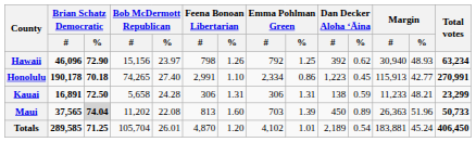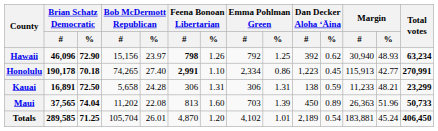 <table class="wikitable sortable" style="text-align:right;font-size:90%;line-height:1.3">
 <tr>
 <th rowspan="2">County</th>
 <th colspan="2"><a href='#'>Brian Schatz</a><br><a href='#'>Democratic</a></th>
 <th colspan="2"><a href='#'>Bob McDermott</a><br><a href='#'>Republican</a></th>
 <th colspan="2">Feena Bonoan<br><a href='#'>Libertarian</a></th>
 <th colspan="2">Emma Pohlman<br><a href='#'>Green</a></th>
 <th colspan="2">Dan Decker<br><a href='#'>Aloha ʻĀina</a></th>
 <th colspan="2">Margin</th>
 <th rowspan="2">Total<br>votes</th>
 </tr>
 <tr>
 <th data-sort-type="number">#</th>
 <th data-sort-type="number">%</th>
 <th data-sort-type="number">#</th>
 <th data-sort-type="number">%</th>
 <th data-sort-type="number">#</th>
 <th data-sort-type="number">%</th>
 <th data-sort-type="number">#</th>
 <th data-sort-type="number">%</th>
 <th data-sort-type="number">#</th>
 <th data-sort-type="number">%</th>
 <th data-sort-type="number">#</th>
 <th data-sort-type="number">%</th>
 </tr>
 <tr>
 <th><a href='#'>Hawaii</a></th>
 <td><strong>46,096</strong></td>
 <td><strong>72.90</strong></td>
 <td>15,156</td>
 <td>23.97</td>
-<td>798</td>
+<td><strong>798</strong></td>
 <td>1.26</td>
 <td>792</td>
 <td>1.25</td>
 <td>392</td>
 <td>0.62</td>
 <td>30,940</td>
 <td>48.93</td>
 <td><strong>63,234</strong></td>
 </tr>
 <tr>
 <th><a href='#'>Honolulu</a></th>
 <td><strong>190,178</strong></td>
 <td><strong>70.18</strong></td>
 <td>74,265</td>
 <td>27.40</td>
-<td>2,991</td>
+<td><strong>2,991</strong></td>
 <td>1.10</td>
 <td>2,334</td>
 <td>0.86</td>
 <td>1,223</td>
 <td>0.45</td>
 <td>115,913</td>
 <td>42.77</td>
 <td><strong>270,991</strong><br></td>
 </tr>
 <tr>
 <th><a href='#'>Kauai</a></th>
 <td><strong>16,891</strong></td>
 <td><strong>72.50</strong></td>
 <td>5,658</td>
 <td>24.28</td>
 <td>306</td>
 <td>1.31</td>
 <td>306</td>
 <td>1.31</td>
 <td>138</td>
 <td>0.59</td>
 <td>11,233</td>
 <td>48.21</td>
 <td><strong>23,299</strong></td>
 </tr>
 <tr>
 <th><a href='#'>Maui</a></th>
 <td><strong>37,565</strong></td>
-<td style="background: lightgrey;"><strong>74.04</strong></td>
+<td><strong>74.04</strong></td>
 <td>11,202</td>
 <td>22.08</td>
 <td>813</td>
 <td>1.60</td>
 <td>703</td>
 <td>1.39</td>
 <td>450</td>
 <td>0.89</td>
 <td>26,363</td>
 <td>51.96</td>
 <td><strong>50,733</strong></td>
 </tr>
 <tr class="sortbottom">
 <th>Totals</th>
 <td><strong>289,585</strong></td>
 <td><strong>71.25</strong></td>
 <td>105,704</td>
 <td>26.01</td>
 <td>4,870</td>
 <td>1.20</td>
 <td>4,102</td>
 <td>1.01</td>
 <td>2,189</td>
 <td>0.54</td>
 <td>183,881</td>
 <td>45.24</td>
 <td><strong>406,450</strong></td>
 </tr>
 </table>
